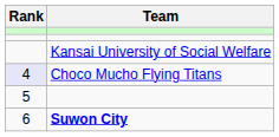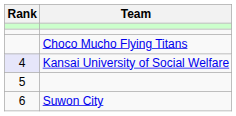 <table class="wikitable" style="text-align: center;">
 <tr>
 <th width=40>Rank</th>
 <th>Team</th>
 </tr>
 <tr bgcolor=#ccffcc>
 <td></td>
 <td align=left></td>
 </tr>
 <tr>
 <td></td>
 <td align=left></td>
 </tr>
 <tr>
 <td></td>
-<td align=left> <a href='#'>Kansai University of Social Welfare</a></td>
+<td align=left> <a href='#'>Choco Mucho Flying Titans</a></td>
 </tr>
 <tr>
 <td style="background: lavender;">4</td>
-<td align=left> <a href='#'>Choco Mucho Flying Titans</a></td>
+<td align=left> <a href='#'>Kansai University of Social Welfare</a></td>
 </tr>
 <tr>
 <td>5</td>
 <td align=left></td>
 </tr>
 <tr>
 <td>6</td>
-<td align=left><strong> <a href='#'>Suwon City</a></strong></td>
+<td align=left> <a href='#'>Suwon City</a></td>
 </tr>
 </table>
